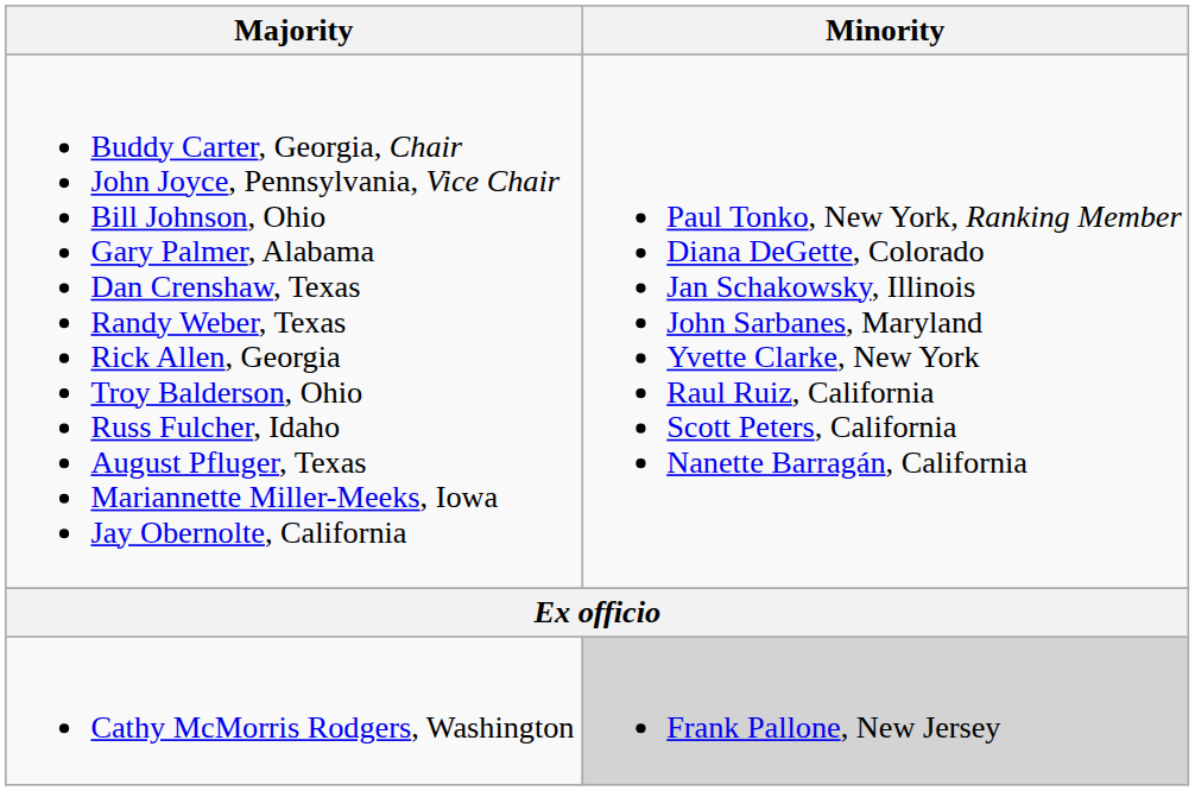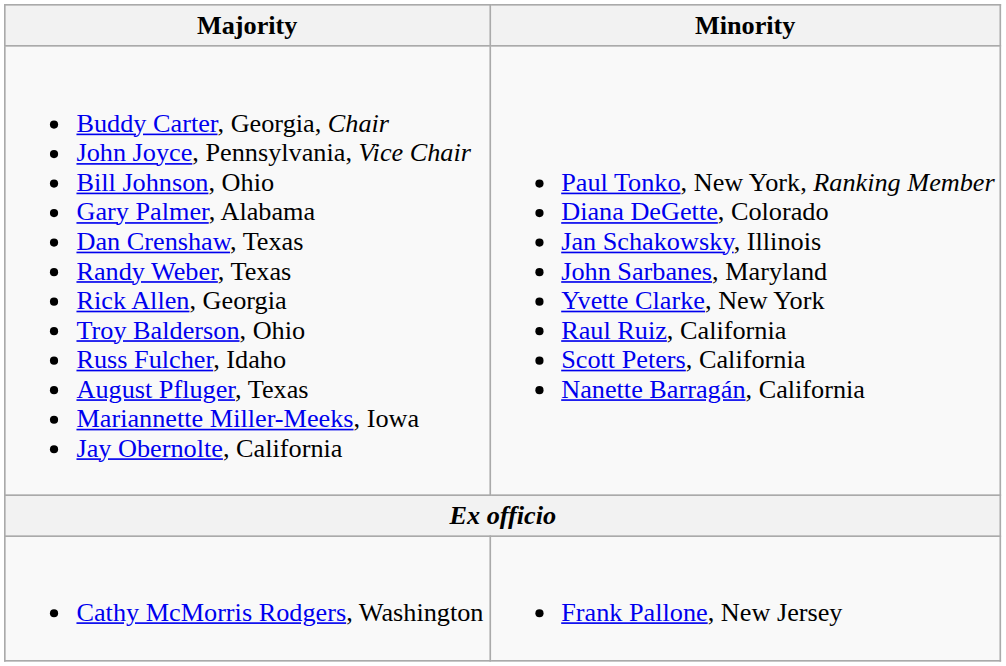 <table class=wikitable>
 <tr>
 <th>Majority</th>
 <th>Minority</th>
 </tr>
 <tr>
 <td><br><ul><li><a href='#'>Buddy Carter</a>, Georgia, <em>Chair</em></li><li><a href='#'>John Joyce</a>, Pennsylvania, <em>Vice Chair</em></li><li><a href='#'>Bill Johnson</a>, Ohio</li><li><a href='#'>Gary Palmer</a>, Alabama</li><li><a href='#'>Dan Crenshaw</a>, Texas</li><li><a href='#'>Randy Weber</a>, Texas</li><li><a href='#'>Rick Allen</a>, Georgia</li><li><a href='#'>Troy Balderson</a>, Ohio</li><li><a href='#'>Russ Fulcher</a>, Idaho</li><li><a href='#'>August Pfluger</a>, Texas</li><li><a href='#'>Mariannette Miller-Meeks</a>, Iowa</li><li><a href='#'>Jay Obernolte</a>, California</li></ul></td>
 <td><br><ul><li><a href='#'>Paul Tonko</a>, New York, <em>Ranking Member</em></li><li><a href='#'>Diana DeGette</a>, Colorado</li><li><a href='#'>Jan Schakowsky</a>, Illinois</li><li><a href='#'>John Sarbanes</a>, Maryland</li><li><a href='#'>Yvette Clarke</a>, New York</li><li><a href='#'>Raul Ruiz</a>, California</li><li><a href='#'>Scott Peters</a>, California</li><li><a href='#'>Nanette Barragán</a>, California</li></ul></td>
 </tr>
 <tr>
 <th colspan=2><em>Ex officio</em></th>
 </tr>
 <tr>
 <td><br><ul><li><a href='#'>Cathy McMorris Rodgers</a>, Washington</li></ul></td>
-<td style="background: lightgrey;"><br><ul><li><a href='#'>Frank Pallone</a>, New Jersey</li></ul></td>
+<td><br><ul><li><a href='#'>Frank Pallone</a>, New Jersey</li></ul></td>
 </tr>
 </table>
